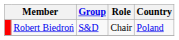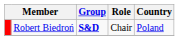 <table class="wikitable">
 <tr>
 <th colspan="2">Member</th>
 <th><a href='#'>Group</a></th>
 <th>Role</th>
 <th>Country</th>
 </tr>
 <tr>
 <th style="background-color:red; width: 3px;"> </th>
 <td><a href='#'>Robert Biedroń</a></td>
-<td><a href='#'>S&D</a></td>
+<td><strong><a href='#'>S&D</a></strong></td>
 <td>Chair</td>
 <td><a href='#'>Poland</a></td>
 </tr>
 <tr>
 </tr>
 </table>
